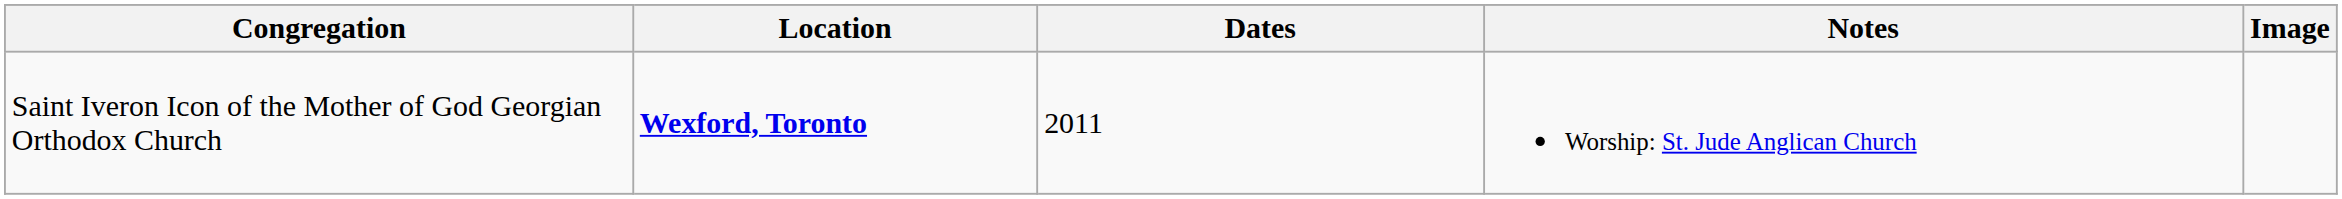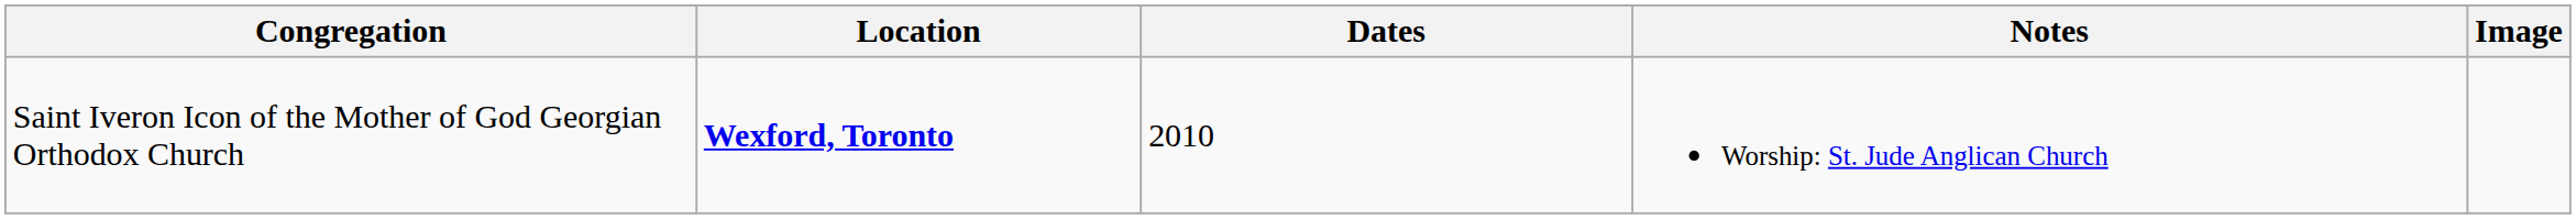 <table class="wikitable">
 <tr>
 <th width=28%>Congregation</th>
 <th width=18%>Location</th>
 <th width=20%>Dates</th>
 <th width=35%>Notes</th>
 <th width=7%>Image</th>
 </tr>
 <tr>
 <td>Saint Iveron Icon of the Mother of God Georgian Orthodox Church</td>
 <td><strong><a href='#'>Wexford, Toronto</a></strong></td>
-<td>2011</td>
+<td>2010</td>
 <td><br><ul><li><small>Worship: <a href='#'>St. Jude Anglican Church</a></small></li></ul></td>
 <td></td>
 </tr>
 </table>
